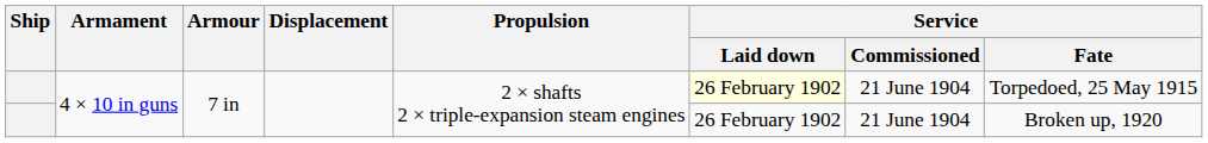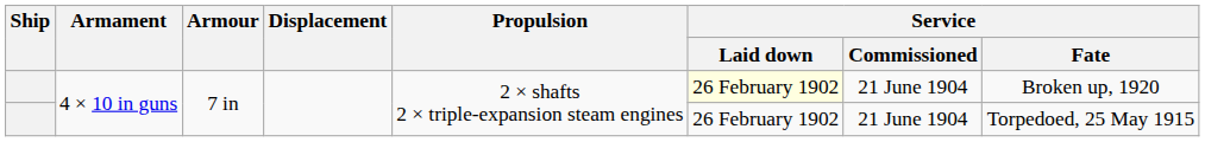 <table class="wikitable plainrowheaders" style="text-align: center;">
 <tr valign="top">
 <th scope="col" rowspan="2">Ship</th>
 <th scope="col" rowspan="2">Armament</th>
 <th scope="col" rowspan="2">Armour</th>
 <th scope="col" rowspan="2">Displacement</th>
 <th scope="col" rowspan="2">Propulsion</th>
 <th scope="col" colspan="3">Service</th>
 </tr>
 <tr valign="top">
 <th scope="col">Laid down</th>
 <th scope="col">Commissioned</th>
 <th scope="col">Fate</th>
 </tr>
 <tr valign="center">
 <th scope="row"></th>
 <td rowspan="2">4 × <a href='#'>10 in guns</a></td>
 <td rowspan="2">7 in</td>
 <td rowspan="2"></td>
 <td rowspan="2">2 × shafts<br>2 × triple-expansion steam engines<br></td>
 <td style="background: lightyellow;">26 February 1902</td>
 <td>21 June 1904</td>
-<td>Torpedoed, 25 May 1915</td>
+<td>Broken up, 1920</td>
 </tr>
 <tr valign="top">
 <th scope="row"></th>
 <td>26 February 1902</td>
 <td>21 June 1904</td>
-<td>Broken up, 1920</td>
+<td>Torpedoed, 25 May 1915</td>
 </tr>
 </table>
